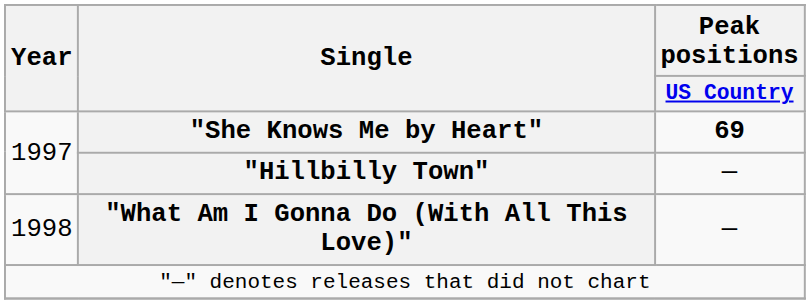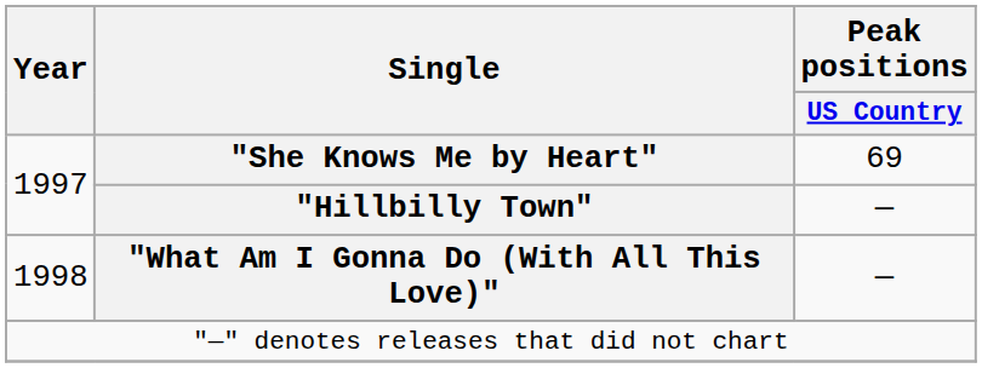 <table class="wikitable plainrowheaders" style="text-align:center;">
 <tr>
 <th rowspan="2">Year</th>
 <th rowspan="2" style="width:22em;">Single</th>
 <th>Peak positions</th>
 </tr>
 <tr style="font-size:smaller;">
 <th width="65"><a href='#'>US Country</a><br></th>
 </tr>
 <tr>
 <td rowspan="2">1997</td>
 <th scope="row">"She Knows Me by Heart"</th>
-<td><strong>69</strong></td>
+<td>69</td>
 </tr>
 <tr>
 <th scope="row">"Hillbilly Town"</th>
 <td>—</td>
 </tr>
 <tr>
 <td>1998</td>
 <th scope="row">"What Am I Gonna Do (With All This Love)"</th>
 <td>—</td>
 </tr>
 <tr>
 <td colspan="4" style="font-size:8pt">"—" denotes releases that did not chart</td>
 </tr>
 <tr>
 </tr>
 </table>
